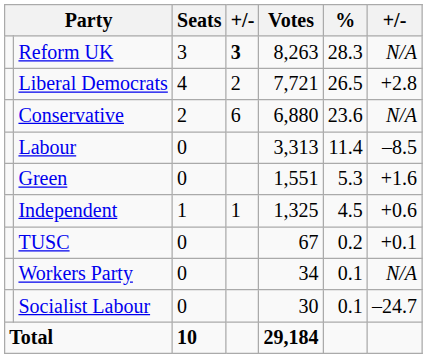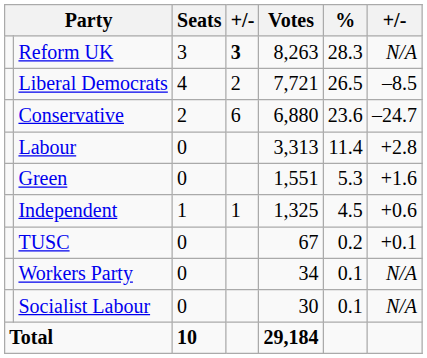 <table class="wikitable sortable">
 <tr>
 <th colspan="2">Party</th>
 <th>Seats</th>
 <th>+/-</th>
 <th>Votes</th>
 <th>%</th>
 <th>+/-</th>
 </tr>
 <tr>
 <td style="background-color: "></td>
 <td><a href='#'>Reform UK</a></td>
 <td>3</td>
 <td><strong> 3</strong></td>
 <td style="text-align:right;">8,263</td>
 <td style="text-align:right;">28.3</td>
 <td style="text-align:right;"><em>N/A</em></td>
 </tr>
 <tr>
 <td style="background-color: "></td>
 <td><a href='#'>Liberal Democrats</a></td>
 <td>4</td>
 <td> 2</td>
 <td style="text-align:right;">7,721</td>
 <td style="text-align:right;">26.5</td>
-<td style="text-align:right;">+2.8</td>
+<td style="text-align:right;">–8.5</td>
 </tr>
 <tr>
 <td style="background-color: "></td>
 <td><a href='#'>Conservative</a></td>
 <td>2</td>
 <td> 6</td>
 <td style="text-align:right;">6,880</td>
 <td style="text-align:right;">23.6</td>
-<td style="text-align:right;"><em>N/A</em></td>
+<td style="text-align:right;">–24.7</td>
 </tr>
 <tr>
 <td style="background-color: "></td>
 <td><a href='#'>Labour</a></td>
 <td>0</td>
 <td></td>
 <td style="text-align:right;">3,313</td>
 <td style="text-align:right;">11.4</td>
-<td style="text-align:right;">–8.5</td>
+<td style="text-align:right;">+2.8</td>
 </tr>
 <tr>
 <td style="background-color: "></td>
 <td><a href='#'>Green</a></td>
 <td>0</td>
 <td></td>
 <td style="text-align:right;">1,551</td>
 <td style="text-align:right;">5.3</td>
 <td style="text-align:right;">+1.6</td>
 </tr>
 <tr>
 <td style="background-color: "></td>
 <td><a href='#'>Independent</a></td>
 <td>1</td>
 <td> 1</td>
 <td style="text-align:right;">1,325</td>
 <td style="text-align:right;">4.5</td>
 <td style="text-align:right;">+0.6</td>
 </tr>
 <tr>
 <td style="background-color: "></td>
 <td><a href='#'>TUSC</a></td>
 <td>0</td>
 <td></td>
 <td style="text-align:right;">67</td>
 <td style="text-align:right;">0.2</td>
 <td style="text-align:right;">+0.1</td>
 </tr>
 <tr>
 <td style="background-color: "></td>
 <td><a href='#'>Workers Party</a></td>
 <td>0</td>
 <td></td>
 <td style="text-align:right;">34</td>
 <td style="text-align:right;">0.1</td>
 <td style="text-align:right;"><em>N/A</em></td>
 </tr>
 <tr>
 <td style="background-color: "></td>
 <td><a href='#'>Socialist Labour</a></td>
 <td>0</td>
 <td></td>
 <td style="text-align:right;">30</td>
 <td style="text-align:right;">0.1</td>
-<td style="text-align:right;">–24.7</td>
+<td style="text-align:right;"><em>N/A</em></td>
 </tr>
 <tr>
 <td colspan="2"><strong>Total</strong></td>
 <td><strong>10</strong></td>
 <td></td>
 <td style="text-align:right;"><strong>29,184</strong></td>
 <td style="text-align:right;"></td>
 <td style="text-align:right;"></td>
 </tr>
 </table>
